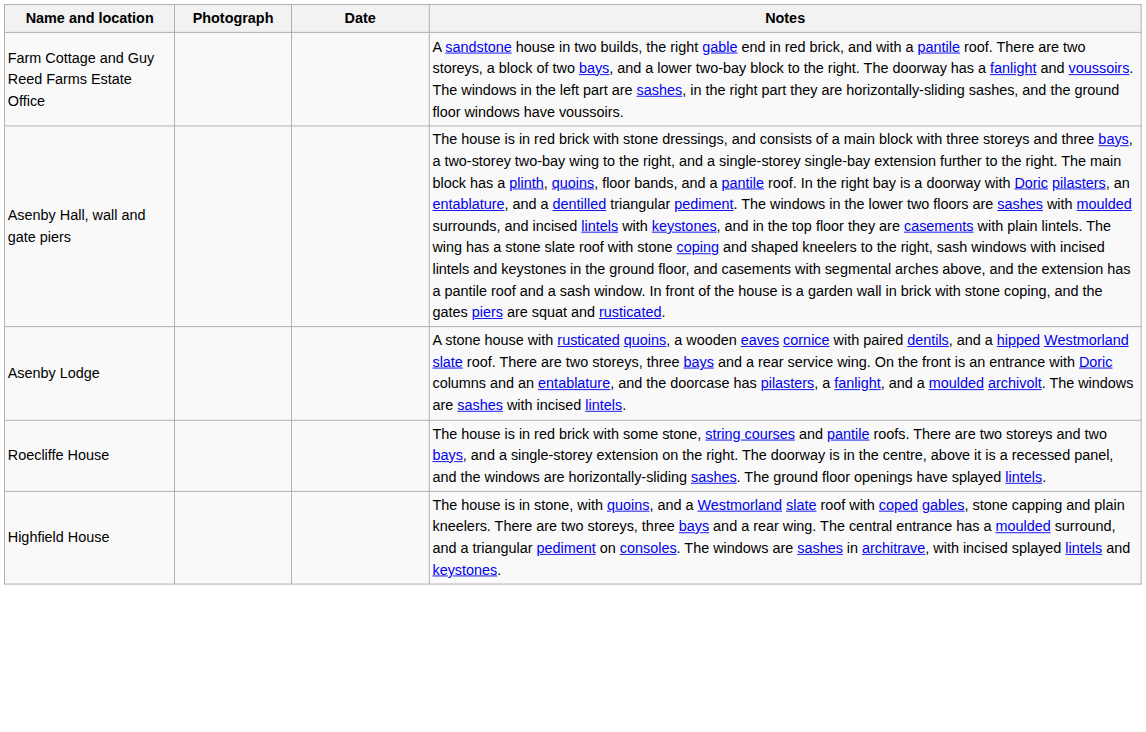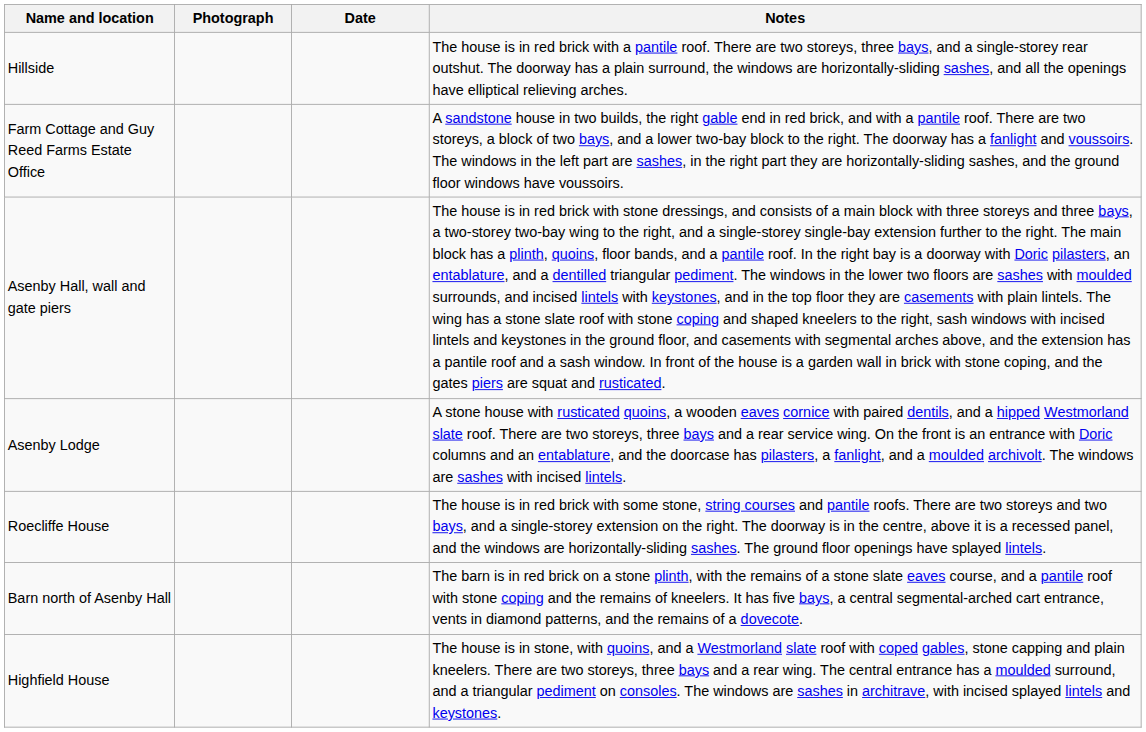 <table class="wikitable sortable plainrowheaders" style="width:100%;border:0px;text-align:left;line-height:150%;">
 <tr>
 <th scope="col"  style="width:150px">Name and location</th>
 <th scope="col"  style="width:100px" class="unsortable">Photograph</th>
 <th scope="col"  style="width:120px">Date</th>
 <th scope="col"  style="width:650px" class="unsortable">Notes</th>
+</tr>
+<tr>
+<td>Hillside<br><small></small></td>
+<td></td>
+<td align="center"></td>
+<td>The house is in red brick with a <a href='#'>pantile</a> roof.  There are two storeys, three <a href='#'>bays</a>, and a single-storey rear outshut.  The doorway has a plain surround, the windows are horizontally-sliding <a href='#'>sashes</a>, and all the openings have elliptical relieving arches.</td>
 </tr>
 <tr>
 <td>Farm Cottage and Guy Reed Farms Estate Office<br><small></small></td>
 <td></td>
 <td align="center"></td>
 <td>A <a href='#'>sandstone</a> house in two builds, the right <a href='#'>gable</a> end in red brick, and with a <a href='#'>pantile</a> roof.  There are two storeys, a block of two <a href='#'>bays</a>, and a lower two-bay block to the right.  The doorway has a <a href='#'>fanlight</a> and <a href='#'>voussoirs</a>.  The windows in the left part are <a href='#'>sashes</a>, in the right part they are horizontally-sliding sashes, and the ground floor windows have voussoirs.</td>
 </tr>
 <tr>
 <td>Asenby Hall, wall and gate piers<br><small></small></td>
 <td></td>
 <td align="center"></td>
 <td>The house is in red brick with stone dressings, and consists of a main block with three storeys and three <a href='#'>bays</a>, a two-storey two-bay wing to the right, and a single-storey single-bay extension further to the right.  The main block has a <a href='#'>plinth</a>, <a href='#'>quoins</a>, floor bands, and a <a href='#'>pantile</a> roof.  In the right bay is a doorway with <a href='#'>Doric</a> <a href='#'>pilasters</a>, an <a href='#'>entablature</a>, and a <a href='#'>dentilled</a> triangular <a href='#'>pediment</a>.  The windows in the lower two floors are <a href='#'>sashes</a> with <a href='#'>moulded</a> surrounds, and incised <a href='#'>lintels</a> with <a href='#'>keystones</a>, and in the top floor they are <a href='#'>casements</a> with plain lintels.  The wing has a stone slate roof with stone <a href='#'>coping</a> and shaped kneelers to the right, sash windows with incised lintels and keystones in the ground floor, and casements with segmental arches above, and the extension has a pantile roof and a sash window.  In front of the house is a garden wall in brick with stone coping, and the gates <a href='#'>piers</a> are squat and <a href='#'>rusticated</a>.</td>
 </tr>
 <tr>
 <td>Asenby Lodge<br><small></small></td>
 <td></td>
 <td align="center"></td>
 <td>A stone house with <a href='#'>rusticated</a> <a href='#'>quoins</a>, a wooden <a href='#'>eaves</a> <a href='#'>cornice</a> with paired <a href='#'>dentils</a>, and a <a href='#'>hipped</a> <a href='#'>Westmorland</a> <a href='#'>slate</a> roof.  There are two storeys, three <a href='#'>bays</a> and a rear service wing.  On the front is an entrance with <a href='#'>Doric</a> columns and an <a href='#'>entablature</a>, and the doorcase has <a href='#'>pilasters</a>, a <a href='#'>fanlight</a>, and a <a href='#'>moulded</a> <a href='#'>archivolt</a>.  The windows are <a href='#'>sashes</a> with incised <a href='#'>lintels</a>.</td>
 </tr>
 <tr>
 <td>Roecliffe House<br><small></small></td>
 <td></td>
 <td align="center"></td>
 <td>The house is in red brick with some stone, <a href='#'>string courses</a> and <a href='#'>pantile</a> roofs.  There are two storeys and two <a href='#'>bays</a>, and a single-storey extension on the right.  The doorway is in the centre, above it is a recessed panel, and the windows are horizontally-sliding <a href='#'>sashes</a>.  The ground floor openings have splayed <a href='#'>lintels</a>.</td>
 </tr>
 <tr>
+<td>Barn north of Asenby Hall<br><small></small></td>
+<td></td>
+<td align="center"></td>
+<td>The barn is in red brick on a stone <a href='#'>plinth</a>, with the remains of a stone slate <a href='#'>eaves</a> course, and a <a href='#'>pantile</a> roof with stone <a href='#'>coping</a> and the remains of kneelers.  It has five <a href='#'>bays</a>, a central segmental-arched cart entrance, vents in diamond patterns, and the remains of a <a href='#'>dovecote</a>.</td>
+</tr>
+<tr>
 <td>Highfield House<br><small></small></td>
 <td></td>
 <td align="center"></td>
 <td>The house is in stone, with <a href='#'>quoins</a>, and a <a href='#'>Westmorland</a> <a href='#'>slate</a> roof with <a href='#'>coped</a> <a href='#'>gables</a>, stone capping and plain kneelers.  There are two storeys, three <a href='#'>bays</a> and a rear wing.  The central entrance has a <a href='#'>moulded</a> surround, and a triangular <a href='#'>pediment</a> on <a href='#'>consoles</a>.  The windows are <a href='#'>sashes</a> in <a href='#'>architrave</a>, with incised splayed <a href='#'>lintels</a> and <a href='#'>keystones</a>.</td>
 </tr>
 <tr>
 </tr>
 </table>
